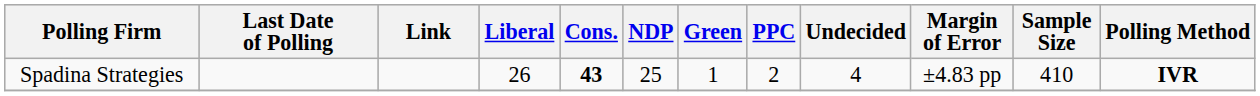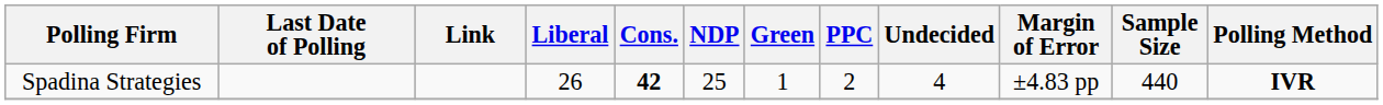 <table class="wikitable sortable" style="text-align:center;font-size:90%;line-height:14px;">
 <tr style="background:#e9e9e9;">
 <th style="width:120px">Polling Firm</th>
 <th style="width:110px">Last Date<br>of Polling</th>
 <th style="width:60px" class="unsortable">Link</th>
 <th style="background-color:"><a href='#'>Liberal</a></th>
 <th style="background-color:"><a href='#'>Cons.</a></th>
 <th style="background-color:"><a href='#'>NDP</a></th>
 <th style="background-color:"><a href='#'>Green</a></th>
 <th style="background-color:"><a href='#'><span>PPC</span></a></th>
 <th style="background-color:">Undecided</th>
 <th style="width:60px;" class=unsortable>Margin<br>of Error</th>
 <th style="width:50px;" class=unsortable>Sample<br>Size</th>
 <th class=unsortable>Polling Method</th>
 </tr>
 <tr>
 <td>Spadina Strategies</td>
 <td></td>
 <td></td>
 <td>26</td>
-<td><strong>43</strong></td>
+<td><strong>42</strong></td>
 <td>25</td>
 <td>1</td>
 <td>2</td>
 <td>4</td>
 <td>±4.83 pp</td>
-<td>410</td>
+<td>440</td>
 <td><strong>IVR</strong></td>
 </tr>
 <tr>
 </tr>
 </table>
